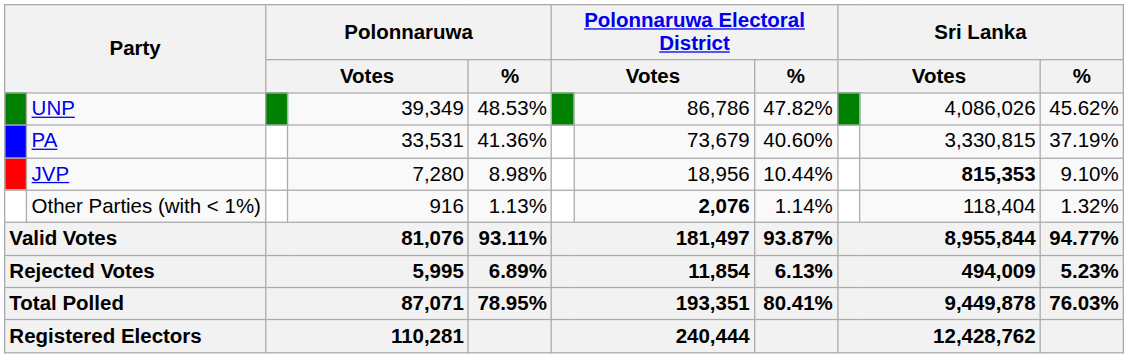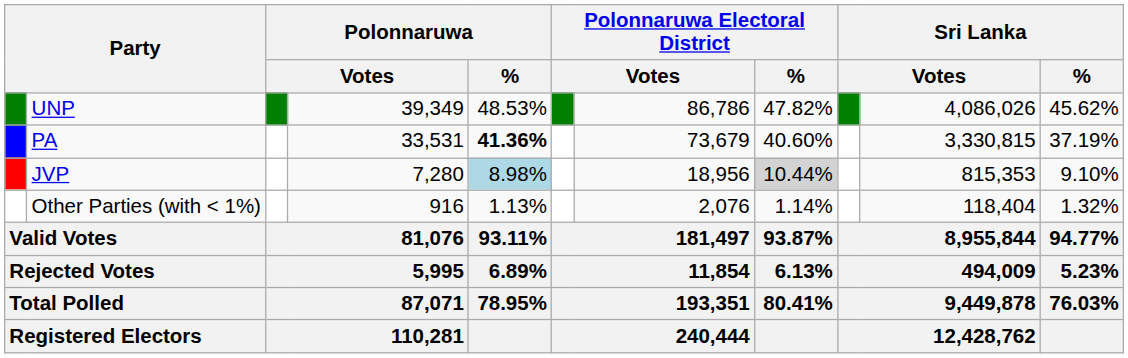 <table class="wikitable">
 <tr>
 <th colspan="2" width="144px"rowspan="2">Party</th>
 <th colspan="3" width="216px">Polonnaruwa</th>
 <th colspan="3" width="216px"><a href='#'>Polonnaruwa Electoral District</a></th>
 <th colspan="3" width="216px">Sri Lanka</th>
 </tr>
 <tr>
 <th colspan="2" width="144px">Votes</th>
 <th>%</th>
 <th colspan="2" width="144px">Votes</th>
 <th>%</th>
 <th colspan="2" width="144px">Votes</th>
 <th>%</th>
 </tr>
 <tr>
 <td style="background-color:green;" width="10px"></td>
 <td style="text-align:left;"><a href='#'>UNP</a></td>
 <td style="background-color:green;" width="10px"></td>
 <td style="text-align:right;">39,349</td>
 <td style="text-align:right;">48.53%</td>
 <td style="background-color:green;" width="10px"></td>
 <td style="text-align:right;">86,786</td>
 <td style="text-align:right;">47.82%</td>
 <td style="background-color:green;" width="10px"></td>
 <td style="text-align:right;">4,086,026</td>
 <td style="text-align:right;">45.62%</td>
 </tr>
 <tr>
 <td style="background-color:blue;" width="10px"></td>
 <td style="text-align:left;"><a href='#'>PA</a></td>
 <td style="background-color:white;" width="10px"></td>
 <td style="text-align:right;">33,531</td>
-<td style="text-align:right;">41.36%</td>
+<td style="text-align:right;"><strong>41.36%</strong></td>
 <td style="background-color:white;" width="10px"></td>
 <td style="text-align:right;">73,679</td>
 <td style="text-align:right;">40.60%</td>
 <td style="background-color:white;" width="10px"></td>
 <td style="text-align:right;">3,330,815</td>
 <td style="text-align:right;">37.19%</td>
 </tr>
 <tr>
 <td style="background-color:red;" width="10px"></td>
 <td style="text-align:left;"><a href='#'>JVP</a></td>
 <td style="background-color:white;" width="10px"></td>
 <td style="text-align:right;">7,280</td>
-<td style="text-align:right;">8.98%</td>
+<td style="background: lightblue; text-align:right;">8.98%</td>
 <td style="background-color:white;" width="10px"></td>
 <td style="text-align:right;">18,956</td>
-<td style="text-align:right;">10.44%</td>
+<td style="background: lightgrey; text-align:right;">10.44%</td>
 <td style="background-color:white;" width="10px"></td>
-<td style="text-align:right;"><strong>815,353</strong></td>
+<td style="text-align:right;">815,353</td>
 <td style="text-align:right;">9.10%</td>
 </tr>
 <tr>
 <td style="background-color:white;" width="10px"></td>
 <td style="text-align:left;">Other Parties (with < 1%)</td>
 <td style="background-color:white;" width="10px"></td>
 <td style="text-align:right;">916</td>
 <td style="text-align:right;">1.13%</td>
 <td style="background-color:white;" width="10px"></td>
-<td style="text-align:right;"><strong>2,076</strong></td>
+<td style="text-align:right;">2,076</td>
 <td style="text-align:right;">1.14%</td>
 <td style="background-color:white;" width="10px"></td>
 <td style="text-align:right;">118,404</td>
 <td style="text-align:right;">1.32%</td>
 </tr>
 <tr>
 <th colspan="2" width="144px"style="text-align:left;">Valid Votes</th>
 <th style="text-align:right;"colspan="2" width="144px">81,076</th>
 <th style="text-align:right;">93.11%</th>
 <th style="text-align:right;"colspan="2" width="144px">181,497</th>
 <th style="text-align:right;">93.87%</th>
 <th style="text-align:right;"colspan="2" width="144px">8,955,844</th>
 <th style="text-align:right;">94.77%</th>
 </tr>
 <tr>
 <th colspan="2" width="144px"style="text-align:left;">Rejected Votes</th>
 <th style="text-align:right;"colspan="2" width="144px">5,995</th>
 <th style="text-align:right;">6.89%</th>
 <th style="text-align:right;"colspan="2" width="144px">11,854</th>
 <th style="text-align:right;">6.13%</th>
 <th style="text-align:right;"colspan="2" width="144px">494,009</th>
 <th style="text-align:right;">5.23%</th>
 </tr>
 <tr>
 <th colspan="2" width="144px"style="text-align:left;">Total Polled</th>
 <th style="text-align:right;"colspan="2" width="144px">87,071</th>
 <th style="text-align:right;">78.95%</th>
 <th style="text-align:right;"colspan="2" width="144px">193,351</th>
 <th style="text-align:right;">80.41%</th>
 <th style="text-align:right;"colspan="2" width="144px">9,449,878</th>
 <th style="text-align:right;">76.03%</th>
 </tr>
 <tr>
 <th colspan="2" width="144px"style="text-align:left;">Registered Electors</th>
 <th style="text-align:right;"colspan="2" width="144px">110,281</th>
 <th></th>
 <th style="text-align:right;"colspan="2" width="144px">240,444</th>
 <th></th>
 <th style="text-align:right;"colspan="2" width="144px">12,428,762</th>
 <th></th>
 </tr>
 </table>
